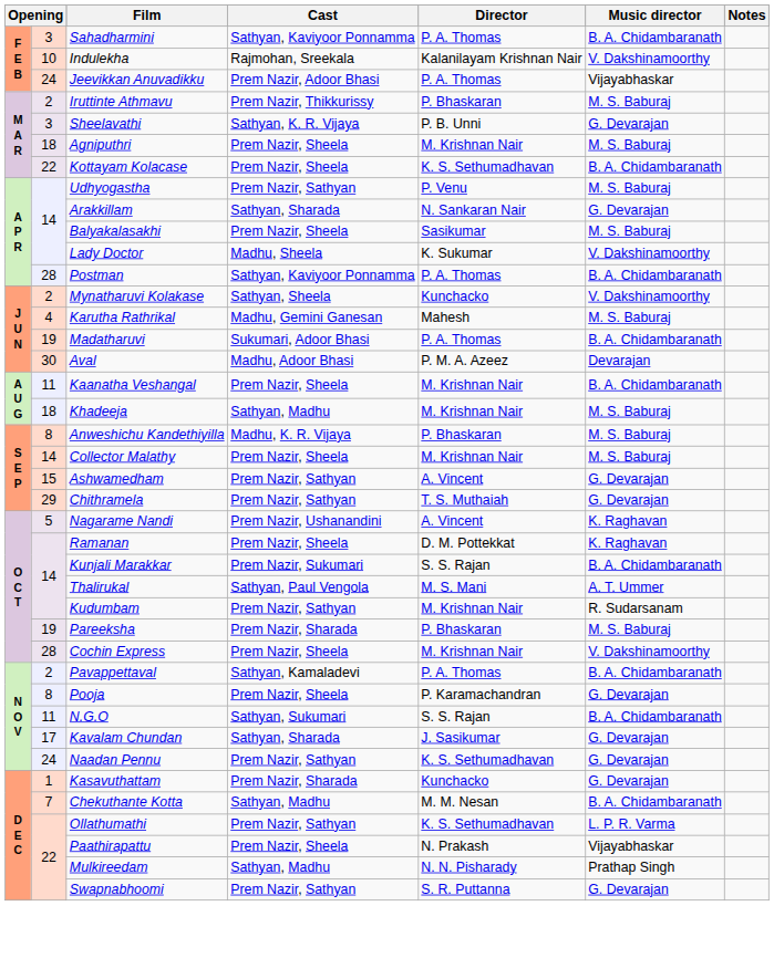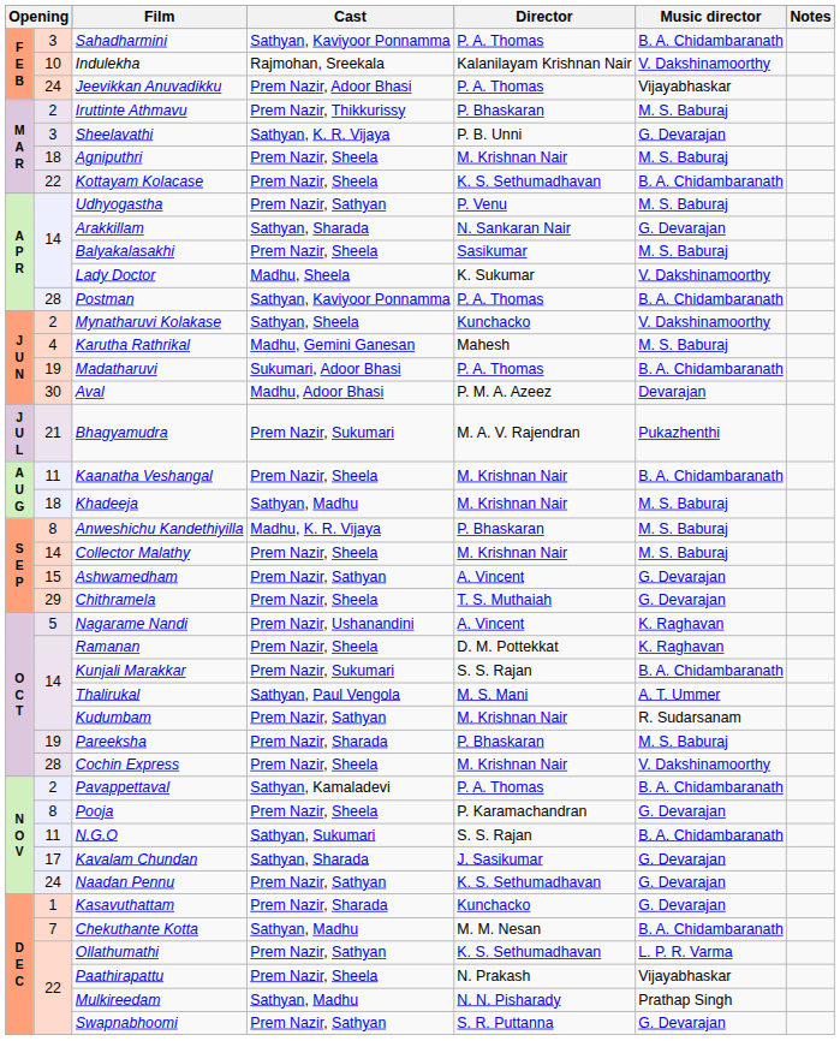 <table class="wikitable">
 <tr style="background:#000;">
 <th colspan='2'>Opening</th>
 <th>Film</th>
 <th>Cast</th>
 <th>Director</th>
 <th>Music director</th>
 <th>Notes</th>
 </tr>
 <tr>
 <td rowspan="3" style="text-align:center; background:#ffa07a; textcolor:#000;"><small><strong>F<br>E<br>B</strong></small></td>
 <td rowspan="1"  style="text-align:center; background:#ffdacc; textcolor:#000;">3</td>
 <td><em><a href='#'>Sahadharmini</a></em></td>
 <td><a href='#'>Sathyan</a>, <a href='#'>Kaviyoor Ponnamma</a></td>
 <td><a href='#'>P. A. Thomas</a></td>
 <td><a href='#'>B. A. Chidambaranath</a></td>
 <td></td>
 </tr>
 <tr>
 <td rowspan="1"  style="text-align:center; background:#ffdacc; textcolor:#000;">10</td>
 <td><em>Indulekha</em></td>
 <td>Rajmohan, Sreekala</td>
 <td>Kalanilayam Krishnan Nair</td>
 <td><a href='#'>V. Dakshinamoorthy</a></td>
 <td></td>
 </tr>
 <tr>
 <td rowspan="1"  style="text-align:center; background:#ffdacc; textcolor:#000;">24</td>
 <td><em><a href='#'>Jeevikkan Anuvadikku</a></em></td>
 <td><a href='#'>Prem Nazir</a>, <a href='#'>Adoor Bhasi</a></td>
 <td><a href='#'>P. A. Thomas</a></td>
 <td>Vijayabhaskar</td>
 <td></td>
 </tr>
 <tr>
 <td rowspan="4" style="text-align:center; background:#dcc7df; textcolor:#000;"><small><strong>M<br>A<br>R</strong></small></td>
 <td rowspan="1"  style="text-align:center; background:#ede3ef; textcolor:#000;">2</td>
 <td><em><a href='#'>Iruttinte Athmavu</a></em></td>
 <td><a href='#'>Prem Nazir</a>, <a href='#'>Thikkurissy</a></td>
 <td><a href='#'>P. Bhaskaran</a></td>
 <td><a href='#'>M. S. Baburaj</a></td>
 <td></td>
 </tr>
 <tr>
 <td rowspan="1"  style="text-align:center; background:#ede3ef; textcolor:#000;">3</td>
 <td><em><a href='#'>Sheelavathi</a></em></td>
 <td><a href='#'>Sathyan</a>, <a href='#'>K. R. Vijaya</a></td>
 <td>P. B. Unni</td>
 <td><a href='#'>G. Devarajan</a></td>
 <td></td>
 </tr>
 <tr>
 <td rowspan="1"  style="text-align:center; background:#ede3ef; textcolor:#000;">18</td>
 <td><em><a href='#'>Agniputhri</a></em></td>
 <td><a href='#'>Prem Nazir</a>, <a href='#'>Sheela</a></td>
 <td><a href='#'>M. Krishnan Nair</a></td>
 <td><a href='#'>M. S. Baburaj</a></td>
 <td></td>
 </tr>
 <tr>
 <td rowspan="1"  style="text-align:center; background:#ede3ef; textcolor:#000;">22</td>
 <td><em><a href='#'>Kottayam Kolacase</a></em></td>
 <td><a href='#'>Prem Nazir</a>, <a href='#'>Sheela</a></td>
 <td><a href='#'>K. S. Sethumadhavan</a></td>
 <td><a href='#'>B. A. Chidambaranath</a></td>
 <td></td>
 </tr>
 <tr>
 <td rowspan="5" style="text-align:center; background:#d0f0c0; textcolor:#000;"><small><strong>A<br>P<br>R</strong></small></td>
 <td rowspan="4"  style="text-align:center; background:#edefff; textcolor:#000;">14</td>
 <td><em><a href='#'>Udhyogastha</a></em></td>
 <td><a href='#'>Prem Nazir</a>, <a href='#'>Sathyan</a></td>
 <td><a href='#'>P. Venu</a></td>
 <td><a href='#'>M. S. Baburaj</a></td>
 <td></td>
 </tr>
 <tr>
 <td><em><a href='#'>Arakkillam</a></em></td>
 <td><a href='#'>Sathyan</a>, <a href='#'>Sharada</a></td>
 <td><a href='#'>N. Sankaran Nair</a></td>
 <td><a href='#'>G. Devarajan</a></td>
 <td></td>
 </tr>
 <tr>
 <td><em><a href='#'>Balyakalasakhi</a></em></td>
 <td><a href='#'>Prem Nazir</a>, <a href='#'>Sheela</a></td>
 <td><a href='#'>Sasikumar</a></td>
 <td><a href='#'>M. S. Baburaj</a></td>
 <td></td>
 </tr>
 <tr>
 <td><em><a href='#'>Lady Doctor</a></em></td>
 <td><a href='#'>Madhu</a>, <a href='#'>Sheela</a></td>
 <td>K. Sukumar</td>
 <td><a href='#'>V. Dakshinamoorthy</a></td>
 <td></td>
 </tr>
 <tr>
 <td rowspan="1"  style="text-align:center; background:#edefff; textcolor:#000;">28</td>
 <td><em><a href='#'>Postman</a></em></td>
 <td><a href='#'>Sathyan</a>, <a href='#'>Kaviyoor Ponnamma</a></td>
 <td><a href='#'>P. A. Thomas</a></td>
 <td><a href='#'>B. A. Chidambaranath</a></td>
 <td></td>
 </tr>
 <tr>
 <td rowspan="4" style="text-align:center; background:#ffa07a; textcolor:#000;"><small><strong>J<br>U<br>N</strong></small></td>
 <td rowspan="1"  style="text-align:center; background:#ffdacc; textcolor:#000;">2</td>
 <td><em><a href='#'>Mynatharuvi Kolakase</a></em></td>
 <td><a href='#'>Sathyan</a>, <a href='#'>Sheela</a></td>
 <td><a href='#'>Kunchacko</a></td>
 <td><a href='#'>V. Dakshinamoorthy</a></td>
 <td></td>
 </tr>
 <tr>
 <td rowspan="1"  style="text-align:center; background:#ffdacc; textcolor:#000;">4</td>
 <td><em><a href='#'>Karutha Rathrikal</a></em></td>
 <td><a href='#'>Madhu</a>, <a href='#'>Gemini Ganesan</a></td>
 <td>Mahesh</td>
 <td><a href='#'>M. S. Baburaj</a></td>
 <td></td>
 </tr>
 <tr>
 <td rowspan="1"  style="text-align:center; background:#ffdacc; textcolor:#000;">19</td>
 <td><em><a href='#'>Madatharuvi</a></em></td>
 <td><a href='#'>Sukumari</a>, <a href='#'>Adoor Bhasi</a></td>
 <td><a href='#'>P. A. Thomas</a></td>
 <td><a href='#'>B. A. Chidambaranath</a></td>
 <td></td>
 </tr>
 <tr>
 <td rowspan="1"  style="text-align:center; background:#ffdacc; textcolor:#000;">30</td>
 <td><em><a href='#'>Aval</a></em></td>
 <td><a href='#'>Madhu</a>, <a href='#'>Adoor Bhasi</a></td>
 <td>P. M. A. Azeez</td>
 <td><a href='#'>Devarajan</a></td>
 <td></td>
 </tr>
 <tr>
+<td rowspan="1" style="text-align:center; background:#dcc7df; textcolor:#000;"><small><strong>J<br>U<br>L</strong></small></td>
+<td rowspan="1"  style="text-align:center; background:#ede3ef; textcolor:#000;">21</td>
+<td><em><a href='#'>Bhagyamudra</a></em></td>
+<td><a href='#'>Prem Nazir</a>, <a href='#'>Sukumari</a></td>
+<td>M. A. V. Rajendran</td>
+<td><a href='#'>Pukazhenthi</a></td>
+<td></td>
+</tr>
+<tr>
 <td rowspan="2" style="text-align:center; background:#d0f0c0; textcolor:#000;"><small><strong>A<br>U<br>G</strong></small></td>
 <td rowspan="1"  style="text-align:center; background:#edefff; textcolor:#000;">11</td>
 <td><em><a href='#'>Kaanatha Veshangal</a></em></td>
 <td><a href='#'>Prem Nazir</a>, <a href='#'>Sheela</a></td>
 <td><a href='#'>M. Krishnan Nair</a></td>
 <td><a href='#'>B. A. Chidambaranath</a></td>
 <td></td>
 </tr>
 <tr>
 <td rowspan="1"  style="text-align:center; background:#edefff; textcolor:#000;">18</td>
 <td><em><a href='#'>Khadeeja</a></em></td>
 <td><a href='#'>Sathyan</a>, <a href='#'>Madhu</a></td>
 <td><a href='#'>M. Krishnan Nair</a></td>
 <td><a href='#'>M. S. Baburaj</a></td>
 <td></td>
 </tr>
 <tr>
 <td rowspan="4" style="text-align:center; background:#ffa07a; textcolor:#000;"><small><strong>S<br>E<br>P</strong></small></td>
 <td rowspan="1"  style="text-align:center; background:#ffdacc; textcolor:#000;">8</td>
 <td><em><a href='#'>Anweshichu Kandethiyilla</a></em></td>
 <td><a href='#'>Madhu</a>, <a href='#'>K. R. Vijaya</a></td>
 <td><a href='#'>P. Bhaskaran</a></td>
 <td><a href='#'>M. S. Baburaj</a></td>
 <td></td>
 </tr>
 <tr>
 <td rowspan="1"  style="text-align:center; background:#ffdacc; textcolor:#000;">14</td>
 <td><em><a href='#'>Collector Malathy</a></em></td>
 <td><a href='#'>Prem Nazir</a>, <a href='#'>Sheela</a></td>
 <td><a href='#'>M. Krishnan Nair</a></td>
 <td><a href='#'>M. S. Baburaj</a></td>
 <td></td>
 </tr>
 <tr>
 <td rowspan="1"  style="text-align:center; background:#ffdacc; textcolor:#000;">15</td>
 <td><em><a href='#'>Ashwamedham</a></em></td>
 <td><a href='#'>Prem Nazir</a>, <a href='#'>Sathyan</a></td>
 <td><a href='#'>A. Vincent</a></td>
 <td><a href='#'>G. Devarajan</a></td>
 <td></td>
 </tr>
 <tr>
 <td rowspan="1"  style="text-align:center; background:#ffdacc; textcolor:#000;">29</td>
 <td><em><a href='#'>Chithramela</a></em></td>
-<td><a href='#'>Prem Nazir</a>, <a href='#'>Sathyan</a></td>
+<td><a href='#'>Prem Nazir</a>, <a href='#'>Sheela</a></td>
 <td><a href='#'>T. S. Muthaiah</a></td>
 <td><a href='#'>G. Devarajan</a></td>
 <td></td>
 </tr>
 <tr>
 <td rowspan="7" style="text-align:center; background:#dcc7df; textcolor:#000;"><small><strong>O<br>C<br>T</strong></small></td>
 <td rowspan="1"  style="text-align:center; background:#ede3ef; textcolor:#000;">5</td>
 <td><em><a href='#'>Nagarame Nandi</a></em></td>
 <td><a href='#'>Prem Nazir</a>, <a href='#'>Ushanandini</a></td>
 <td><a href='#'>A. Vincent</a></td>
 <td><a href='#'>K. Raghavan</a></td>
 <td></td>
 </tr>
 <tr>
 <td rowspan="4"  style="text-align:center; background:#ede3ef; textcolor:#000;">14</td>
 <td><em><a href='#'>Ramanan</a></em></td>
 <td><a href='#'>Prem Nazir</a>, <a href='#'>Sheela</a></td>
 <td>D. M. Pottekkat</td>
 <td><a href='#'>K. Raghavan</a></td>
 <td></td>
 </tr>
 <tr>
 <td><em><a href='#'>Kunjali Marakkar</a></em></td>
 <td><a href='#'>Prem Nazir</a>, <a href='#'>Sukumari</a></td>
 <td>S. S. Rajan</td>
 <td><a href='#'>B. A. Chidambaranath</a></td>
 <td></td>
 </tr>
 <tr>
 <td><em><a href='#'>Thalirukal</a></em></td>
 <td><a href='#'>Sathyan</a>, <a href='#'>Paul Vengola</a></td>
 <td><a href='#'>M. S. Mani</a></td>
 <td><a href='#'>A. T. Ummer</a></td>
 <td></td>
 </tr>
 <tr>
 <td><em><a href='#'>Kudumbam</a></em></td>
 <td><a href='#'>Prem Nazir</a>, <a href='#'>Sathyan</a></td>
 <td><a href='#'>M. Krishnan Nair</a></td>
 <td>R. Sudarsanam</td>
 <td></td>
 </tr>
 <tr>
 <td rowspan="1"  style="text-align:center; background:#ede3ef; textcolor:#000;">19</td>
 <td><em><a href='#'>Pareeksha</a></em></td>
 <td><a href='#'>Prem Nazir</a>, <a href='#'>Sharada</a></td>
 <td><a href='#'>P. Bhaskaran</a></td>
 <td><a href='#'>M. S. Baburaj</a></td>
 <td></td>
 </tr>
 <tr>
 <td rowspan="1"  style="text-align:center; background:#ede3ef; textcolor:#000;">28</td>
 <td><em><a href='#'>Cochin Express</a></em></td>
 <td><a href='#'>Prem Nazir</a>, <a href='#'>Sheela</a></td>
 <td><a href='#'>M. Krishnan Nair</a></td>
 <td><a href='#'>V. Dakshinamoorthy</a></td>
 <td></td>
 </tr>
 <tr>
 <td rowspan="5" style="text-align:center; background:#d0f0c0; textcolor:#000;"><small><strong>N<br>O<br>V</strong></small></td>
 <td rowspan="1"  style="text-align:center; background:#edefff; textcolor:#000;">2</td>
 <td><em><a href='#'>Pavappettaval</a></em></td>
 <td><a href='#'>Sathyan</a>, Kamaladevi</td>
 <td><a href='#'>P. A. Thomas</a></td>
 <td><a href='#'>B. A. Chidambaranath</a></td>
 <td></td>
 </tr>
 <tr>
 <td rowspan="1"  style="text-align:center; background:#edefff; textcolor:#000;">8</td>
 <td><em><a href='#'>Pooja</a></em></td>
 <td><a href='#'>Prem Nazir</a>, <a href='#'>Sheela</a></td>
 <td>P. Karamachandran</td>
 <td><a href='#'>G. Devarajan</a></td>
 <td></td>
 </tr>
 <tr>
 <td rowspan="1"  style="text-align:center; background:#edefff; textcolor:#000;">11</td>
 <td><em><a href='#'>N.G.O</a></em></td>
 <td><a href='#'>Sathyan</a>, <a href='#'>Sukumari</a></td>
 <td>S. S. Rajan</td>
 <td><a href='#'>B. A. Chidambaranath</a></td>
 <td></td>
 </tr>
 <tr>
 <td rowspan="1"  style="text-align:center; background:#edefff; textcolor:#000;">17</td>
 <td><em><a href='#'>Kavalam Chundan</a></em></td>
 <td><a href='#'>Sathyan</a>, <a href='#'>Sharada</a></td>
 <td><a href='#'>J. Sasikumar</a></td>
 <td><a href='#'>G. Devarajan</a></td>
 <td></td>
 </tr>
 <tr>
 <td rowspan="1"  style="text-align:center; background:#edefff; textcolor:#000;">24</td>
 <td><em><a href='#'>Naadan Pennu</a></em></td>
 <td><a href='#'>Prem Nazir</a>, <a href='#'>Sathyan</a></td>
 <td><a href='#'>K. S. Sethumadhavan</a></td>
 <td><a href='#'>G. Devarajan</a></td>
 <td></td>
 </tr>
 <tr>
 <td rowspan="6" style="text-align:center; background:#ffa07a; textcolor:#000;"><small><strong>D<br>E<br>C</strong></small></td>
 <td rowspan="1"  style="text-align:center; background:#ffdacc; textcolor:#000;">1</td>
 <td><em><a href='#'>Kasavuthattam</a></em></td>
 <td><a href='#'>Prem Nazir</a>, <a href='#'>Sharada</a></td>
 <td><a href='#'>Kunchacko</a></td>
 <td><a href='#'>G. Devarajan</a></td>
 <td></td>
 </tr>
 <tr>
 <td rowspan="1"  style="text-align:center; background:#ffdacc; textcolor:#000;">7</td>
 <td><em><a href='#'>Chekuthante Kotta</a></em></td>
 <td><a href='#'>Sathyan</a>, <a href='#'>Madhu</a></td>
 <td>M. M. Nesan</td>
 <td><a href='#'>B. A. Chidambaranath</a></td>
 <td></td>
 </tr>
 <tr>
 <td rowspan="4"  style="text-align:center; background:#ffdacc; textcolor:#000;">22</td>
 <td><em><a href='#'>Ollathumathi</a></em></td>
 <td><a href='#'>Prem Nazir</a>, <a href='#'>Sathyan</a></td>
 <td><a href='#'>K. S. Sethumadhavan</a></td>
 <td><a href='#'>L. P. R. Varma</a></td>
 <td></td>
 </tr>
 <tr>
 <td><em><a href='#'>Paathirapattu</a></em></td>
 <td><a href='#'>Prem Nazir</a>, <a href='#'>Sheela</a></td>
 <td>N. Prakash</td>
 <td>Vijayabhaskar</td>
 <td></td>
 </tr>
 <tr>
 <td><em><a href='#'>Mulkireedam</a></em></td>
 <td><a href='#'>Sathyan</a>, <a href='#'>Madhu</a></td>
 <td><a href='#'>N. N. Pisharady</a></td>
 <td>Prathap Singh</td>
 <td></td>
 </tr>
 <tr>
 <td><em><a href='#'>Swapnabhoomi</a></em></td>
 <td><a href='#'>Prem Nazir</a>, <a href='#'>Sathyan</a></td>
 <td><a href='#'>S. R. Puttanna</a></td>
 <td><a href='#'>G. Devarajan</a></td>
 <td></td>
 </tr>
 </table>
